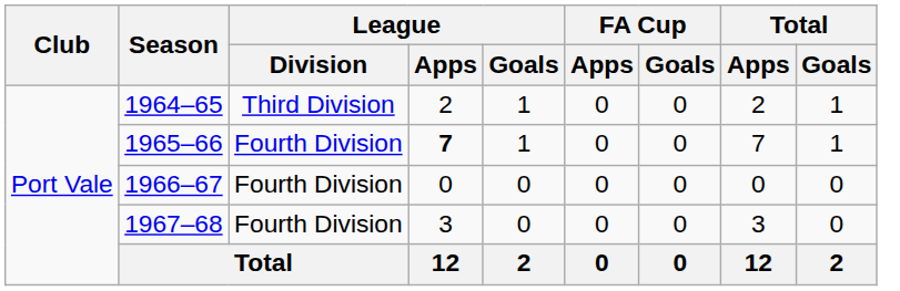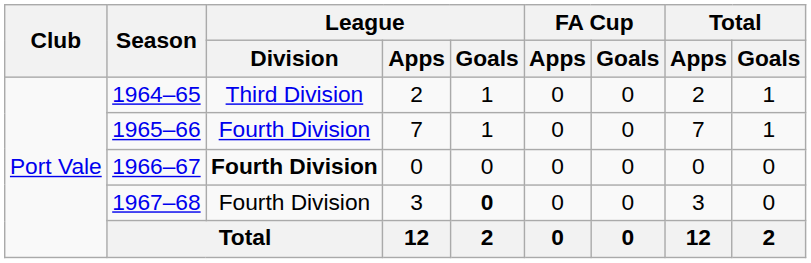 <table class="wikitable" style="text-align: center;">
 <tr>
 <th rowspan="2">Club</th>
 <th rowspan="2">Season</th>
 <th colspan="3">League</th>
 <th colspan="2">FA Cup</th>
 <th colspan="2">Total</th>
 </tr>
 <tr>
 <th>Division</th>
 <th>Apps</th>
 <th>Goals</th>
 <th>Apps</th>
 <th>Goals</th>
 <th>Apps</th>
 <th>Goals</th>
 </tr>
 <tr>
 <td rowspan="5"><a href='#'>Port Vale</a></td>
 <td><a href='#'>1964–65</a></td>
 <td><a href='#'>Third Division</a></td>
 <td>2</td>
 <td>1</td>
 <td>0</td>
 <td>0</td>
 <td>2</td>
 <td>1</td>
 </tr>
 <tr>
 <td><a href='#'>1965–66</a></td>
 <td><a href='#'>Fourth Division</a></td>
-<td><strong>7</strong></td>
+<td>7</td>
 <td>1</td>
 <td>0</td>
 <td>0</td>
 <td>7</td>
 <td>1</td>
 </tr>
 <tr>
 <td><a href='#'>1966–67</a></td>
-<td>Fourth Division</td>
+<td><strong>Fourth Division</strong></td>
 <td>0</td>
 <td>0</td>
 <td>0</td>
 <td>0</td>
 <td>0</td>
 <td>0</td>
 </tr>
 <tr>
 <td><a href='#'>1967–68</a></td>
 <td>Fourth Division</td>
 <td>3</td>
-<td>0</td>
+<td><strong>0</strong></td>
 <td>0</td>
 <td>0</td>
 <td>3</td>
 <td>0</td>
 </tr>
 <tr>
 <th colspan="2">Total</th>
 <th>12</th>
 <th>2</th>
 <th>0</th>
 <th>0</th>
 <th>12</th>
 <th>2</th>
 </tr>
 </table>
